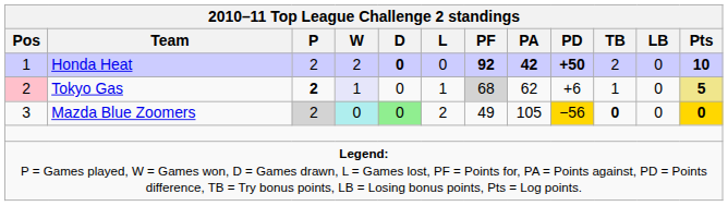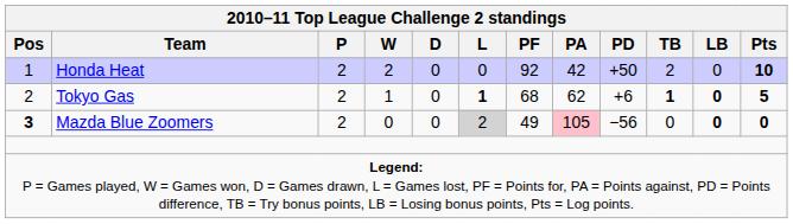 <table class="wikitable" style="text-align:center; font-size:100%; width:60%;">
 <tr>
 <th colspan="100%" cellpadding="0" cellspacing="0"><strong>2010–11 Top League Challenge 2 standings</strong></th>
 </tr>
 <tr>
 <th style="width:6%;">Pos</th>
 <th style="width:34%;">Team</th>
 <th style="width:6%;">P</th>
 <th style="width:6%;">W</th>
 <th style="width:6%;">D</th>
 <th style="width:6%;">L</th>
 <th style="width:6%;">PF</th>
 <th style="width:6%;">PA</th>
 <th style="width:6%;">PD</th>
 <th style="width:6%;">TB</th>
 <th style="width:6%;">LB</th>
 <th style="width:6%;">Pts<br></th>
 </tr>
 <tr style="background:#CCCCFF;">
 <td>1</td>
 <td style="text-align:left;"><a href='#'>Honda Heat</a></td>
 <td>2</td>
 <td>2</td>
-<td><strong>0</strong></td>
 <td>0</td>
-<td><strong>92</strong></td>
-<td><strong>42</strong></td>
-<td><strong>+50</strong></td>
+<td>0</td>
+<td>92</td>
+<td>42</td>
+<td>+50</td>
 <td>2</td>
 <td>0</td>
 <td><strong>10</strong></td>
 </tr>
 <tr>
-<td style="background: pink;">2</td>
+<td>2</td>
 <td style="text-align:left;"><a href='#'>Tokyo Gas</a></td>
-<td><strong>2</strong></td>
-<td style="background: lavender;">1</td>
+<td>2</td>
+<td>1</td>
 <td>0</td>
-<td>1</td>
-<td style="background: lightgrey;">68</td>
+<td><strong>1</strong></td>
+<td>68</td>
 <td>62</td>
 <td>+6</td>
-<td>1</td>
-<td>0</td>
-<td style="background: khaki;"><strong>5</strong></td>
+<td><strong>1</strong></td>
+<td><strong>0</strong></td>
+<td><strong>5</strong></td>
 </tr>
 <tr>
-<td>3</td>
+<td><strong>3</strong></td>
 <td style="text-align:left;"><a href='#'>Mazda Blue Zoomers</a></td>
+<td>2</td>
+<td>0</td>
+<td>0</td>
 <td style="background: lightgrey;">2</td>
-<td style="background: paleturquoise;">0</td>
-<td style="background: lightgreen;">0</td>
-<td>2</td>
 <td>49</td>
-<td>105</td>
-<td style="background: gold;">−56</td>
+<td style="background: pink;">105</td>
+<td>−56</td>
+<td>0</td>
 <td><strong>0</strong></td>
-<td>0</td>
-<td style="background: gold;"><strong>0</strong></td>
+<td><strong>0</strong></td>
 </tr>
 <tr>
 <td colspan="100%" style="height:10px;"></td>
 </tr>
 <tr>
 <td colspan="100%"><small><strong>Legend:</strong> <br> P = Games played, W = Games won, D = Games drawn, L = Games lost, PF = Points for, PA = Points against, PD = Points difference, TB = Try bonus points, LB = Losing bonus points, Pts = Log points.</small></td>
 </tr>
 </table>
